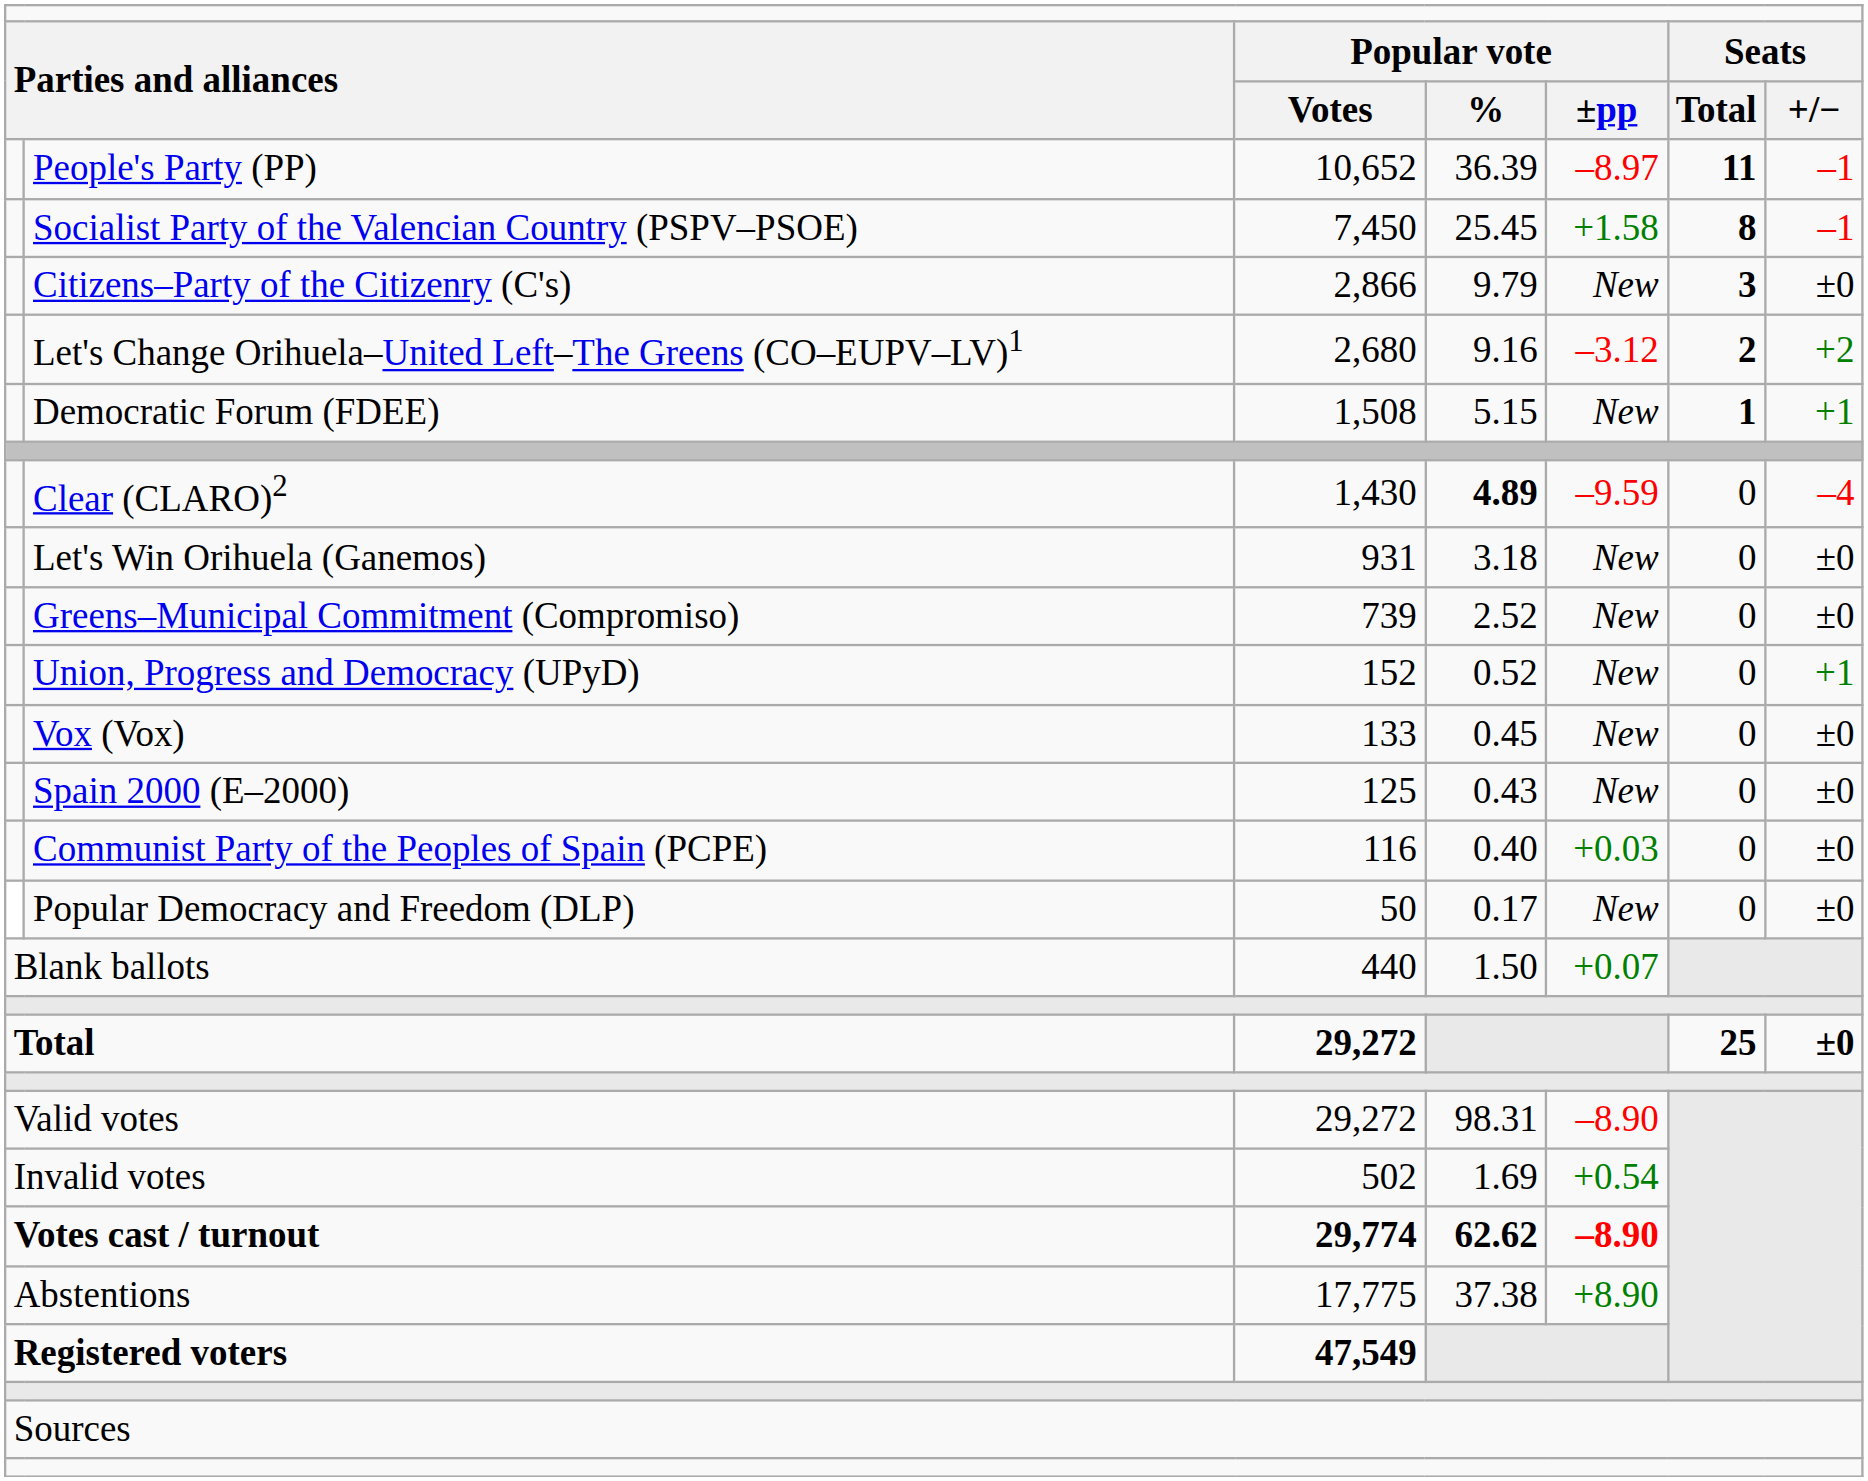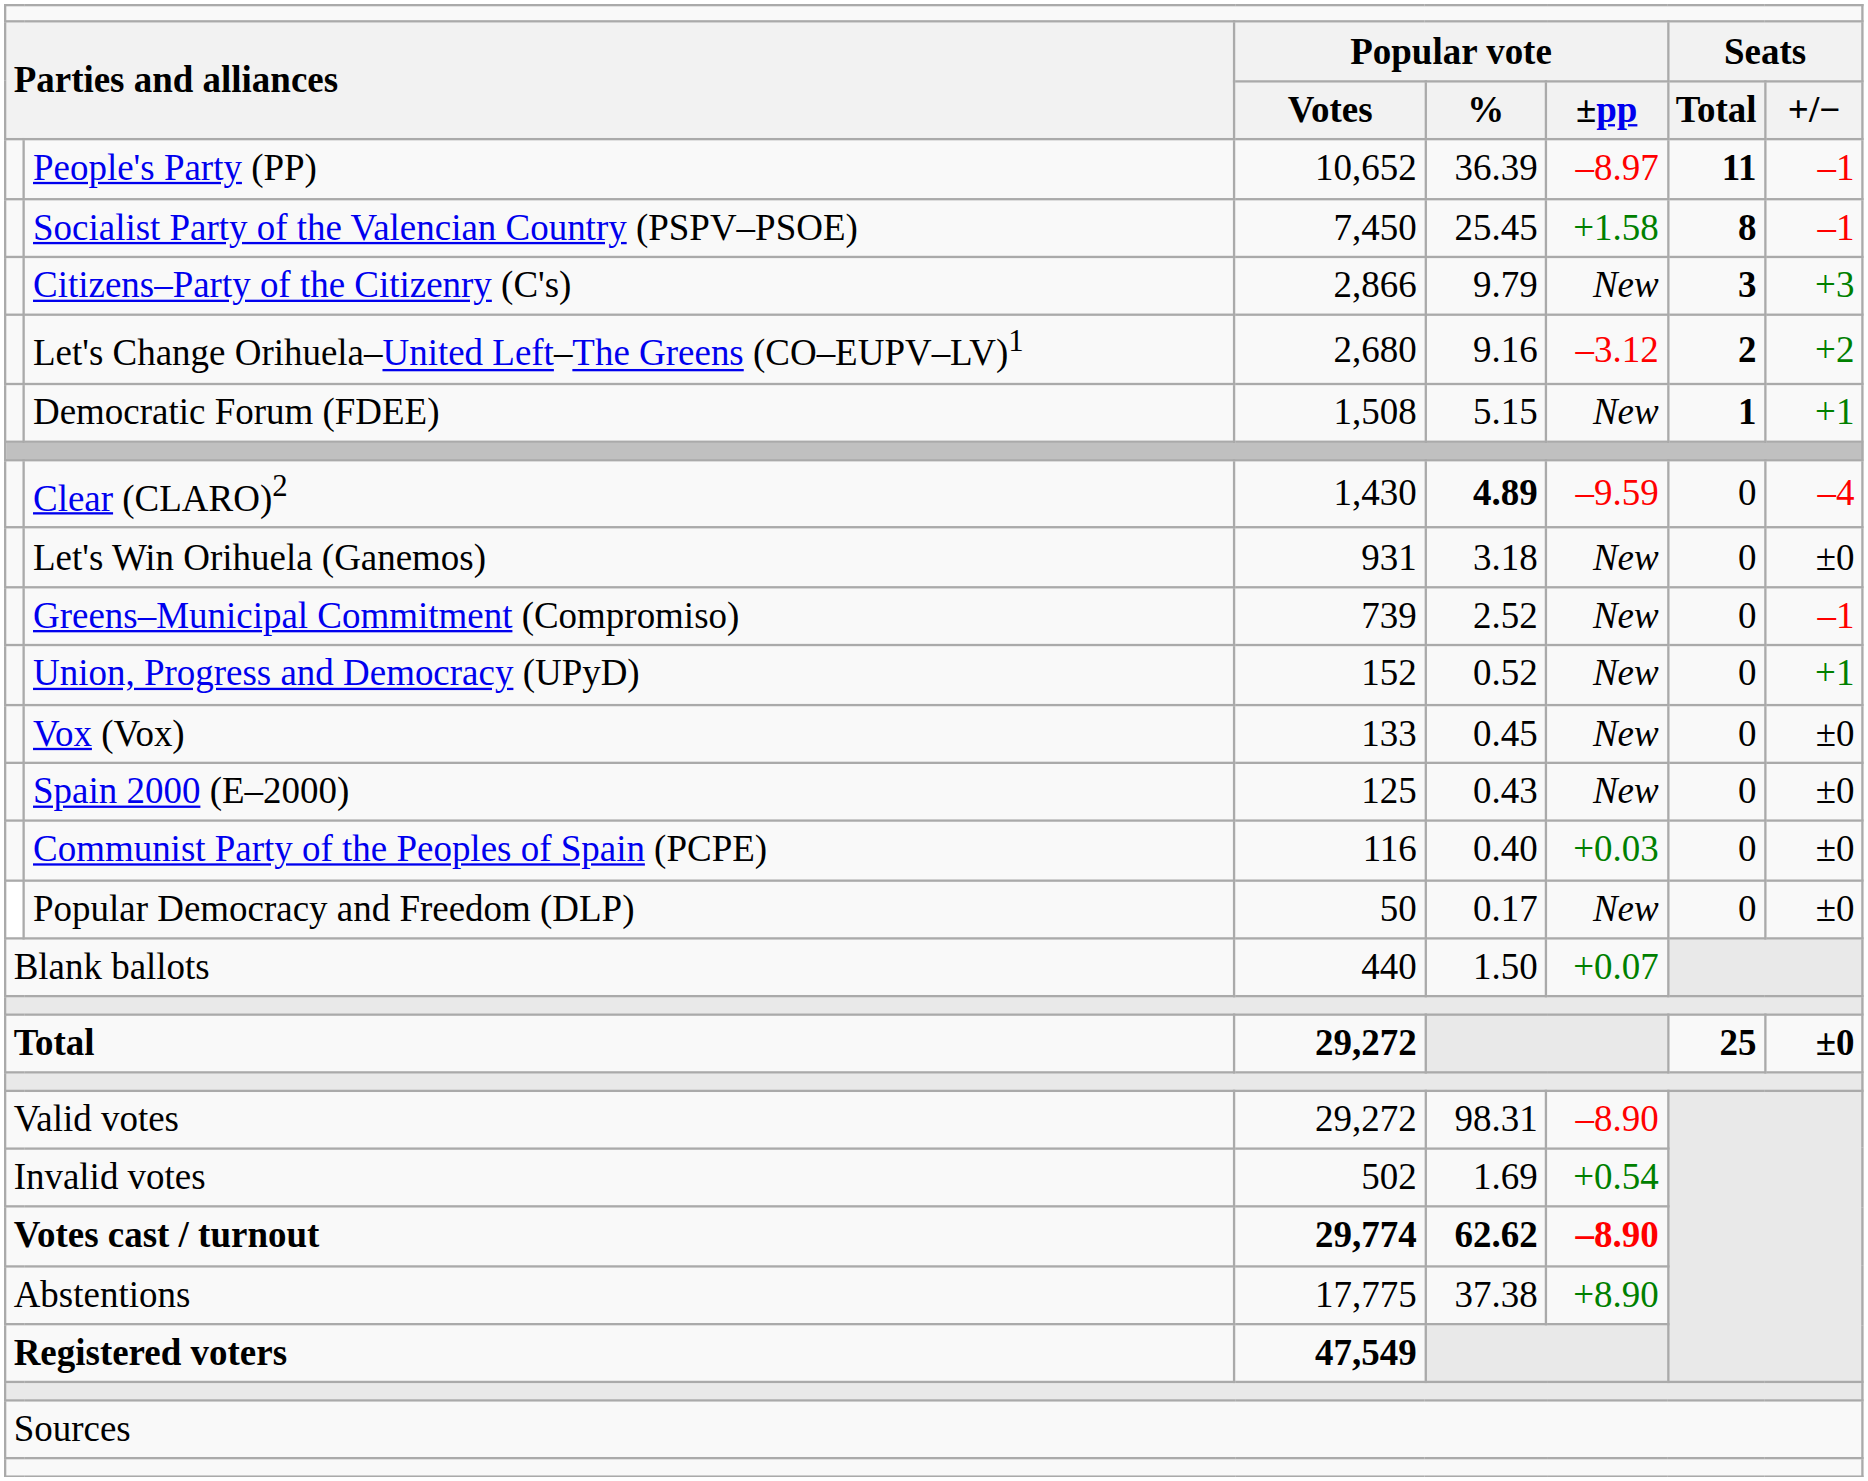 <table class="wikitable" style="text-align:right;">
 <tr>
 <td colspan="7"></td>
 </tr>
 <tr>
 <th style="text-align:left;" rowspan="2" colspan="2" width="525">Parties and alliances</th>
 <th colspan="3">Popular vote</th>
 <th colspan="2">Seats</th>
 </tr>
 <tr>
 <th width="75">Votes</th>
 <th width="45">%</th>
 <th width="45">±<a href='#'>pp</a></th>
 <th width="35">Total</th>
 <th width="35">+/−</th>
 </tr>
 <tr>
 <td width="1" style="color:inherit;background:"></td>
 <td align="left"><a href='#'>People's Party</a> (PP)</td>
 <td>10,652</td>
 <td>36.39</td>
 <td style="color:red;">–8.97</td>
 <td><strong>11</strong></td>
 <td style="color:red;">–1</td>
 </tr>
 <tr>
 <td style="color:inherit;background:"></td>
 <td align="left"><a href='#'>Socialist Party of the Valencian Country</a> (PSPV–PSOE)</td>
 <td>7,450</td>
 <td>25.45</td>
 <td style="color:green;">+1.58</td>
 <td><strong>8</strong></td>
 <td style="color:red;">–1</td>
 </tr>
 <tr>
 <td style="color:inherit;background:"></td>
 <td align="left"><a href='#'>Citizens–Party of the Citizenry</a> (C's)</td>
 <td>2,866</td>
 <td>9.79</td>
 <td><em>New</em></td>
 <td><strong>3</strong></td>
-<td>±0</td>
+<td style="color:green;">+3</td>
 </tr>
 <tr>
 <td style="color:inherit;background:"></td>
 <td align="left">Let's Change Orihuela–<a href='#'>United Left</a>–<a href='#'>The Greens</a> (CO–EUPV–LV)<sup>1</sup></td>
 <td>2,680</td>
 <td>9.16</td>
 <td style="color:red;">–3.12</td>
 <td><strong>2</strong></td>
 <td style="color:green;">+2</td>
 </tr>
 <tr>
 <td style="color:inherit;background:"></td>
 <td align="left">Democratic Forum (FDEE)</td>
 <td>1,508</td>
 <td>5.15</td>
 <td><em>New</em></td>
 <td><strong>1</strong></td>
 <td style="color:green;">+1</td>
 </tr>
 <tr>
 <td colspan="7" bgcolor="#C0C0C0"></td>
 </tr>
 <tr>
 <td style="color:inherit;background:"></td>
 <td align="left"><a href='#'>Clear</a> (CLARO)<sup>2</sup></td>
 <td>1,430</td>
 <td><strong>4.89</strong></td>
 <td style="color:red;">–9.59</td>
 <td>0</td>
 <td style="color:red;">–4</td>
 </tr>
 <tr>
 <td style="color:inherit;background:"></td>
 <td align="left">Let's Win Orihuela (Ganemos)</td>
 <td>931</td>
 <td>3.18</td>
 <td><em>New</em></td>
 <td>0</td>
 <td>±0</td>
 </tr>
 <tr>
 <td style="color:inherit;background:"></td>
 <td align="left"><a href='#'>Greens–Municipal Commitment</a> (Compromiso)</td>
 <td>739</td>
 <td>2.52</td>
 <td><em>New</em></td>
 <td>0</td>
-<td>±0</td>
+<td style="color:red;">–1</td>
 </tr>
 <tr>
 <td style="color:inherit;background:"></td>
 <td align="left"><a href='#'>Union, Progress and Democracy</a> (UPyD)</td>
 <td>152</td>
 <td>0.52</td>
 <td><em>New</em></td>
 <td>0</td>
 <td style="color:green;">+1</td>
 </tr>
 <tr>
 <td style="color:inherit;background:"></td>
 <td align="left"><a href='#'>Vox</a> (Vox)</td>
 <td>133</td>
 <td>0.45</td>
 <td><em>New</em></td>
 <td>0</td>
 <td>±0</td>
 </tr>
 <tr>
 <td style="color:inherit;background:"></td>
 <td align="left"><a href='#'>Spain 2000</a> (E–2000)</td>
 <td>125</td>
 <td>0.43</td>
 <td><em>New</em></td>
 <td>0</td>
 <td>±0</td>
 </tr>
 <tr>
 <td style="color:inherit;background:"></td>
 <td align="left"><a href='#'>Communist Party of the Peoples of Spain</a> (PCPE)</td>
 <td>116</td>
 <td>0.40</td>
 <td style="color:green;">+0.03</td>
 <td>0</td>
 <td>±0</td>
 </tr>
 <tr>
 <td bgcolor="white"></td>
 <td align="left">Popular Democracy and Freedom (DLP)</td>
 <td>50</td>
 <td>0.17</td>
 <td><em>New</em></td>
 <td>0</td>
 <td>±0</td>
 </tr>
 <tr>
 <td align="left" colspan="2">Blank ballots</td>
 <td>440</td>
 <td>1.50</td>
 <td style="color:green;">+0.07</td>
 <td bgcolor="#E9E9E9" colspan="2"></td>
 </tr>
 <tr>
 <td colspan="7" bgcolor="#E9E9E9"></td>
 </tr>
 <tr style="font-weight:bold;">
 <td align="left" colspan="2">Total</td>
 <td>29,272</td>
 <td bgcolor="#E9E9E9" colspan="2"></td>
 <td>25</td>
 <td>±0</td>
 </tr>
 <tr>
 <td colspan="7" bgcolor="#E9E9E9"></td>
 </tr>
 <tr>
 <td align="left" colspan="2">Valid votes</td>
 <td>29,272</td>
 <td>98.31</td>
 <td style="color:red;">–8.90</td>
 <td bgcolor="#E9E9E9" colspan="2" rowspan="5"></td>
 </tr>
 <tr>
 <td align="left" colspan="2">Invalid votes</td>
 <td>502</td>
 <td>1.69</td>
 <td style="color:green;">+0.54</td>
 </tr>
 <tr style="font-weight:bold;">
 <td align="left" colspan="2">Votes cast / turnout</td>
 <td>29,774</td>
 <td>62.62</td>
 <td style="color:red;">–8.90</td>
 </tr>
 <tr>
 <td align="left" colspan="2">Abstentions</td>
 <td>17,775</td>
 <td>37.38</td>
 <td style="color:green;">+8.90</td>
 </tr>
 <tr style="font-weight:bold;">
 <td align="left" colspan="2">Registered voters</td>
 <td>47,549</td>
 <td bgcolor="#E9E9E9" colspan="2"></td>
 </tr>
 <tr>
 <td colspan="7" bgcolor="#E9E9E9"></td>
 </tr>
 <tr>
 <td align="left" colspan="7">Sources</td>
 </tr>
 <tr>
 <td colspan="7" style="text-align:left; max-width:790px;"></td>
 </tr>
 </table>
